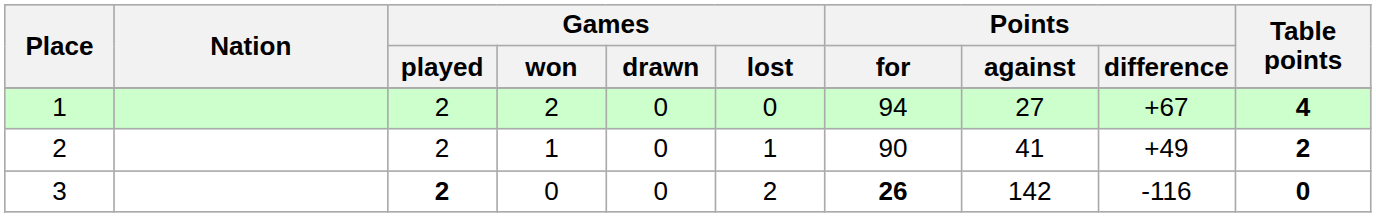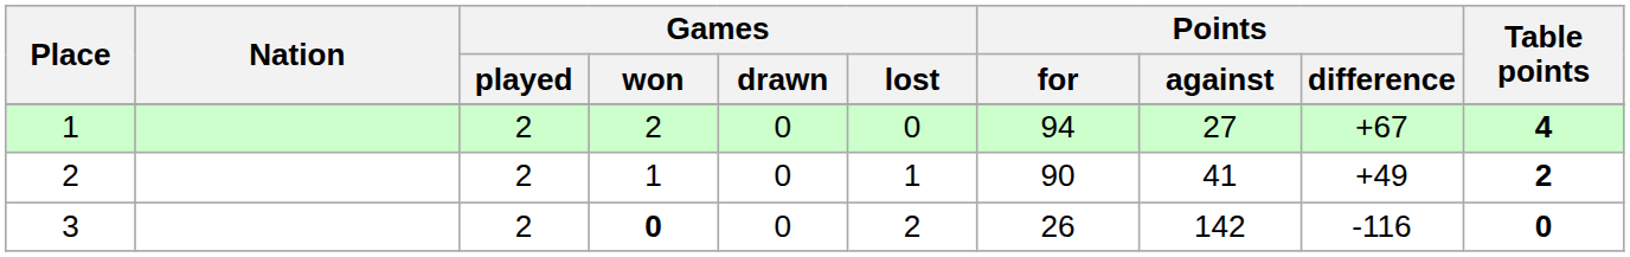 <table class="wikitable">
 <tr>
 <th rowspan=2 width="8%">Place</th>
 <th rowspan=2 width="20%">Nation</th>
 <th colspan=4 width="32%">Games</th>
 <th colspan=3 width="30%">Points</th>
 <th rowspan=2 width="10%">Table<br>points</th>
 </tr>
 <tr>
 <th width="8%">played</th>
 <th width="8%">won</th>
 <th width="8%">drawn</th>
 <th width="8%">lost</th>
 <th width="10%">for</th>
 <th width="10%">against</th>
 <th width="10%">difference</th>
 </tr>
 <tr>
 </tr>
 <tr bgcolor=#ccffcc align=center>
 <td>1</td>
 <td align=left></td>
 <td>2</td>
 <td>2</td>
 <td>0</td>
 <td>0</td>
 <td>94</td>
 <td>27</td>
 <td>+67</td>
 <td><strong>4</strong></td>
 </tr>
 <tr bgcolor=#ffffff align=center>
 <td>2</td>
 <td align=left></td>
 <td>2</td>
 <td>1</td>
 <td>0</td>
 <td>1</td>
 <td>90</td>
 <td>41</td>
 <td>+49</td>
 <td><strong>2</strong></td>
 </tr>
 <tr bgcolor=#ffffff align=center>
 <td>3</td>
 <td align=left></td>
-<td><strong>2</strong></td>
-<td>0</td>
+<td>2</td>
+<td><strong>0</strong></td>
 <td>0</td>
 <td>2</td>
-<td><strong>26</strong></td>
+<td>26</td>
 <td>142</td>
 <td>-116</td>
 <td><strong>0</strong></td>
 </tr>
 </table>
